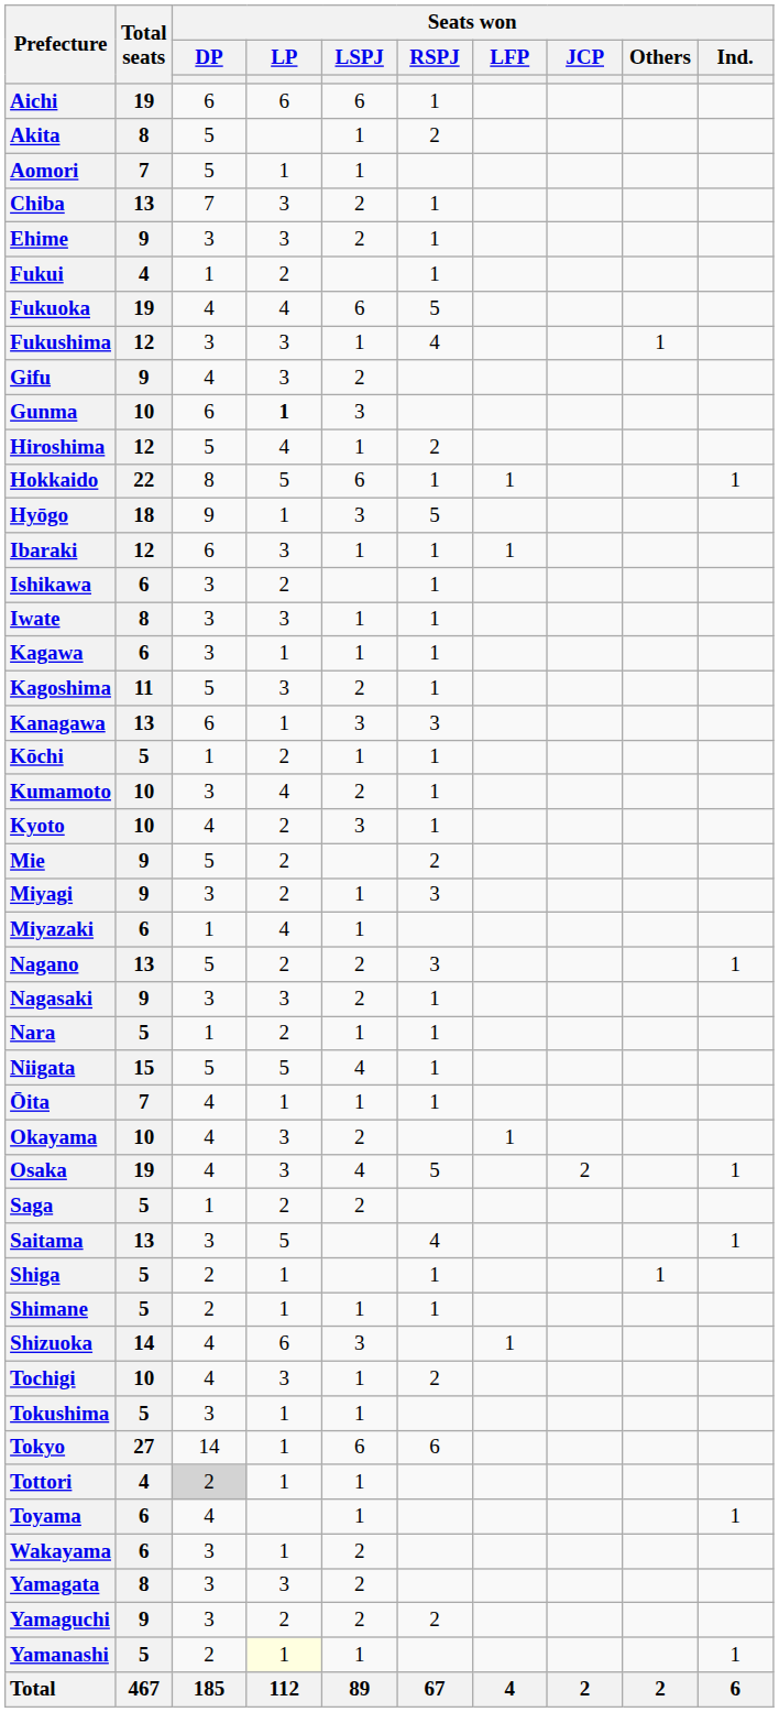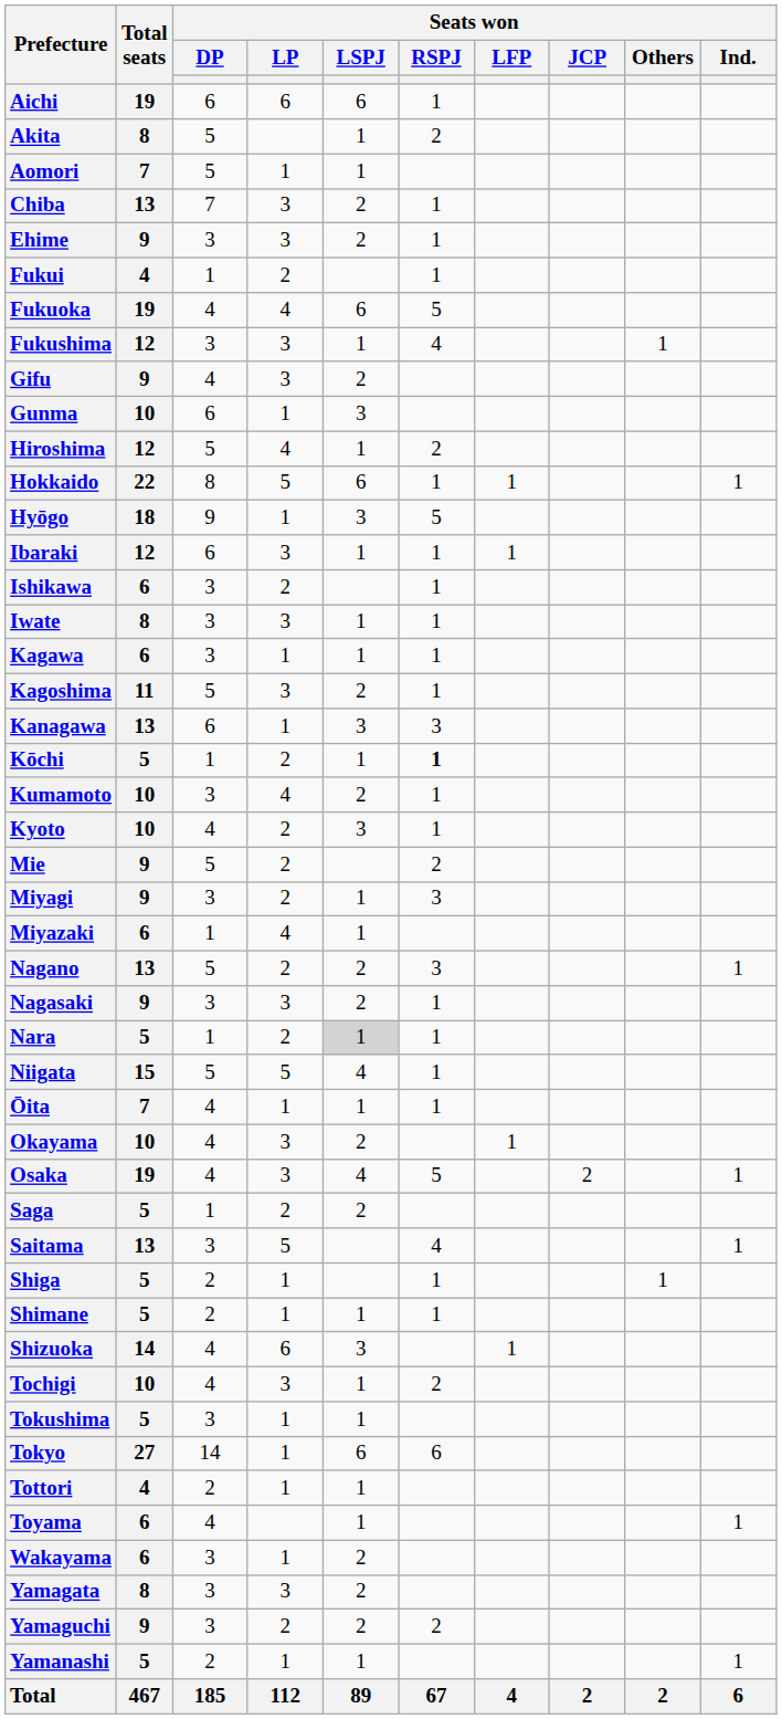 <table class="wikitable" style="text-align:center; font-size: 0.9em;">
 <tr>
 <th rowspan="3">Prefecture</th>
 <th rowspan="3">Total<br>seats</th>
 <th colspan="8">Seats won</th>
 </tr>
 <tr>
 <th class="unsortable" style="width:45px;"><a href='#'>DP</a></th>
 <th class="unsortable" style="width:45px;"><a href='#'>LP</a></th>
 <th class="unsortable" style="width:45px;"><a href='#'>LSPJ</a></th>
 <th class="unsortable" style="width:45px;"><a href='#'>RSPJ</a></th>
 <th class="unsortable" style="width:45px;"><a href='#'>LFP</a></th>
 <th class="unsortable" style="width:45px;"><a href='#'>JCP</a></th>
 <th class="unsortable" style="width:45px;">Others</th>
 <th class="unsortable" style="width:45px;">Ind.</th>
 </tr>
 <tr>
 <th style="background:"></th>
 <th style="background:"></th>
 <th style="background:"></th>
 <th style="background:"></th>
 <th style="background:"></th>
 <th style="background:"></th>
 <th></th>
 <th style="background:"></th>
 </tr>
 <tr>
 <th style="text-align: left;"><a href='#'>Aichi</a></th>
 <th>19</th>
 <td>6</td>
 <td>6</td>
 <td>6</td>
 <td>1</td>
 <td></td>
 <td></td>
 <td></td>
 <td></td>
 </tr>
 <tr>
 <th style="text-align: left;"><a href='#'>Akita</a></th>
 <th>8</th>
 <td>5</td>
 <td></td>
 <td>1</td>
 <td>2</td>
 <td></td>
 <td></td>
 <td></td>
 <td></td>
 </tr>
 <tr>
 <th style="text-align: left;"><a href='#'>Aomori</a></th>
 <th>7</th>
 <td>5</td>
 <td>1</td>
 <td>1</td>
 <td></td>
 <td></td>
 <td></td>
 <td></td>
 <td></td>
 </tr>
 <tr>
 <th style="text-align: left;"><a href='#'>Chiba</a></th>
 <th>13</th>
 <td>7</td>
 <td>3</td>
 <td>2</td>
 <td>1</td>
 <td></td>
 <td></td>
 <td></td>
 <td></td>
 </tr>
 <tr>
 <th style="text-align: left;"><a href='#'>Ehime</a></th>
 <th>9</th>
 <td>3</td>
 <td>3</td>
 <td>2</td>
 <td>1</td>
 <td></td>
 <td></td>
 <td></td>
 <td></td>
 </tr>
 <tr>
 <th style="text-align: left;"><a href='#'>Fukui</a></th>
 <th>4</th>
 <td>1</td>
 <td>2</td>
 <td></td>
 <td>1</td>
 <td></td>
 <td></td>
 <td></td>
 <td></td>
 </tr>
 <tr>
 <th style="text-align: left;"><a href='#'>Fukuoka</a></th>
 <th>19</th>
 <td>4</td>
 <td>4</td>
 <td>6</td>
 <td>5</td>
 <td></td>
 <td></td>
 <td></td>
 <td></td>
 </tr>
 <tr>
 <th style="text-align: left;"><a href='#'>Fukushima</a></th>
 <th>12</th>
 <td>3</td>
 <td>3</td>
 <td>1</td>
 <td>4</td>
 <td></td>
 <td></td>
 <td>1</td>
 <td></td>
 </tr>
 <tr>
 <th style="text-align: left;"><a href='#'>Gifu</a></th>
 <th>9</th>
 <td>4</td>
 <td>3</td>
 <td>2</td>
 <td></td>
 <td></td>
 <td></td>
 <td></td>
 <td></td>
 </tr>
 <tr>
 <th style="text-align: left;"><a href='#'>Gunma</a></th>
 <th>10</th>
 <td>6</td>
-<td><strong>1</strong></td>
+<td>1</td>
 <td>3</td>
 <td></td>
 <td></td>
 <td></td>
 <td></td>
 <td></td>
 </tr>
 <tr>
 <th style="text-align: left;"><a href='#'>Hiroshima</a></th>
 <th>12</th>
 <td>5</td>
 <td>4</td>
 <td>1</td>
 <td>2</td>
 <td></td>
 <td></td>
 <td></td>
 <td></td>
 </tr>
 <tr>
 <th style="text-align: left;"><a href='#'>Hokkaido</a></th>
 <th>22</th>
 <td>8</td>
 <td>5</td>
 <td>6</td>
 <td>1</td>
 <td>1</td>
 <td></td>
 <td></td>
 <td>1</td>
 </tr>
 <tr>
 <th style="text-align: left;"><a href='#'>Hyōgo</a></th>
 <th>18</th>
 <td>9</td>
 <td>1</td>
 <td>3</td>
 <td>5</td>
 <td></td>
 <td></td>
 <td></td>
 <td></td>
 </tr>
 <tr>
 <th style="text-align: left;"><a href='#'>Ibaraki</a></th>
 <th>12</th>
 <td>6</td>
 <td>3</td>
 <td>1</td>
 <td>1</td>
 <td>1</td>
 <td></td>
 <td></td>
 <td></td>
 </tr>
 <tr>
 <th style="text-align: left;"><a href='#'>Ishikawa</a></th>
 <th>6</th>
 <td>3</td>
 <td>2</td>
 <td></td>
 <td>1</td>
 <td></td>
 <td></td>
 <td></td>
 <td></td>
 </tr>
 <tr>
 <th style="text-align: left;"><a href='#'>Iwate</a></th>
 <th>8</th>
 <td>3</td>
 <td>3</td>
 <td>1</td>
 <td>1</td>
 <td></td>
 <td></td>
 <td></td>
 <td></td>
 </tr>
 <tr>
 <th style="text-align: left;"><a href='#'>Kagawa</a></th>
 <th>6</th>
 <td>3</td>
 <td>1</td>
 <td>1</td>
 <td>1</td>
 <td></td>
 <td></td>
 <td></td>
 <td></td>
 </tr>
 <tr>
 <th style="text-align: left;"><a href='#'>Kagoshima</a></th>
 <th>11</th>
 <td>5</td>
 <td>3</td>
 <td>2</td>
 <td>1</td>
 <td></td>
 <td></td>
 <td></td>
 <td></td>
 </tr>
 <tr>
 <th style="text-align: left;"><a href='#'>Kanagawa</a></th>
 <th>13</th>
 <td>6</td>
 <td>1</td>
 <td>3</td>
 <td>3</td>
 <td></td>
 <td></td>
 <td></td>
 <td></td>
 </tr>
 <tr>
 <th style="text-align: left;"><a href='#'>Kōchi</a></th>
 <th>5</th>
 <td>1</td>
 <td>2</td>
 <td>1</td>
-<td>1</td>
+<td><strong>1</strong></td>
 <td></td>
 <td></td>
 <td></td>
 <td></td>
 </tr>
 <tr>
 <th style="text-align: left;"><a href='#'>Kumamoto</a></th>
 <th>10</th>
 <td>3</td>
 <td>4</td>
 <td>2</td>
 <td>1</td>
 <td></td>
 <td></td>
 <td></td>
 <td></td>
 </tr>
 <tr>
 <th style="text-align: left;"><a href='#'>Kyoto</a></th>
 <th>10</th>
 <td>4</td>
 <td>2</td>
 <td>3</td>
 <td>1</td>
 <td></td>
 <td></td>
 <td></td>
 <td></td>
 </tr>
 <tr>
 <th style="text-align: left;"><a href='#'>Mie</a></th>
 <th>9</th>
 <td>5</td>
 <td>2</td>
 <td></td>
 <td>2</td>
 <td></td>
 <td></td>
 <td></td>
 <td></td>
 </tr>
 <tr>
 <th style="text-align: left;"><a href='#'>Miyagi</a></th>
 <th>9</th>
 <td>3</td>
 <td>2</td>
 <td>1</td>
 <td>3</td>
 <td></td>
 <td></td>
 <td></td>
 <td></td>
 </tr>
 <tr>
 <th style="text-align: left;"><a href='#'>Miyazaki</a></th>
 <th>6</th>
 <td>1</td>
 <td>4</td>
 <td>1</td>
 <td></td>
 <td></td>
 <td></td>
 <td></td>
 <td></td>
 </tr>
 <tr>
 <th style="text-align: left;"><a href='#'>Nagano</a></th>
 <th>13</th>
 <td>5</td>
 <td>2</td>
 <td>2</td>
 <td>3</td>
 <td></td>
 <td></td>
 <td></td>
 <td>1</td>
 </tr>
 <tr>
 <th style="text-align: left;"><a href='#'>Nagasaki</a></th>
 <th>9</th>
 <td>3</td>
 <td>3</td>
 <td>2</td>
 <td>1</td>
 <td></td>
 <td></td>
 <td></td>
 <td></td>
 </tr>
 <tr>
 <th style="text-align: left;"><a href='#'>Nara</a></th>
 <th>5</th>
 <td>1</td>
 <td>2</td>
-<td>1</td>
+<td style="background: lightgrey;">1</td>
 <td>1</td>
 <td></td>
 <td></td>
 <td></td>
 <td></td>
 </tr>
 <tr>
 <th style="text-align: left;"><a href='#'>Niigata</a></th>
 <th>15</th>
 <td>5</td>
 <td>5</td>
 <td>4</td>
 <td>1</td>
 <td></td>
 <td></td>
 <td></td>
 <td></td>
 </tr>
 <tr>
 <th style="text-align: left;"><a href='#'>Ōita</a></th>
 <th>7</th>
 <td>4</td>
 <td>1</td>
 <td>1</td>
 <td>1</td>
 <td></td>
 <td></td>
 <td></td>
 <td></td>
 </tr>
 <tr>
 <th style="text-align: left;"><a href='#'>Okayama</a></th>
 <th>10</th>
 <td>4</td>
 <td>3</td>
 <td>2</td>
 <td></td>
 <td>1</td>
 <td></td>
 <td></td>
 <td></td>
 </tr>
 <tr>
 <th style="text-align: left;"><a href='#'>Osaka</a></th>
 <th>19</th>
 <td>4</td>
 <td>3</td>
 <td>4</td>
 <td>5</td>
 <td></td>
 <td>2</td>
 <td></td>
 <td>1</td>
 </tr>
 <tr>
 <th style="text-align: left;"><a href='#'>Saga</a></th>
 <th>5</th>
 <td>1</td>
 <td>2</td>
 <td>2</td>
 <td></td>
 <td></td>
 <td></td>
 <td></td>
 <td></td>
 </tr>
 <tr>
 <th style="text-align: left;"><a href='#'>Saitama</a></th>
 <th>13</th>
 <td>3</td>
 <td>5</td>
 <td></td>
 <td>4</td>
 <td></td>
 <td></td>
 <td></td>
 <td>1</td>
 </tr>
 <tr>
 <th style="text-align: left;"><a href='#'>Shiga</a></th>
 <th>5</th>
 <td>2</td>
 <td>1</td>
 <td></td>
 <td>1</td>
 <td></td>
 <td></td>
 <td>1</td>
 <td></td>
 </tr>
 <tr>
 <th style="text-align: left;"><a href='#'>Shimane</a></th>
 <th>5</th>
 <td>2</td>
 <td>1</td>
 <td>1</td>
 <td>1</td>
 <td></td>
 <td></td>
 <td></td>
 <td></td>
 </tr>
 <tr>
 <th style="text-align: left;"><a href='#'>Shizuoka</a></th>
 <th>14</th>
 <td>4</td>
 <td>6</td>
 <td>3</td>
 <td></td>
 <td>1</td>
 <td></td>
 <td></td>
 <td></td>
 </tr>
 <tr>
 <th style="text-align: left;"><a href='#'>Tochigi</a></th>
 <th>10</th>
 <td>4</td>
 <td>3</td>
 <td>1</td>
 <td>2</td>
 <td></td>
 <td></td>
 <td></td>
 <td></td>
 </tr>
 <tr>
 <th style="text-align: left;"><a href='#'>Tokushima</a></th>
 <th>5</th>
 <td>3</td>
 <td>1</td>
 <td>1</td>
 <td></td>
 <td></td>
 <td></td>
 <td></td>
 <td></td>
 </tr>
 <tr>
 <th style="text-align: left;"><a href='#'>Tokyo</a></th>
 <th>27</th>
 <td>14</td>
 <td>1</td>
 <td>6</td>
 <td>6</td>
 <td></td>
 <td></td>
 <td></td>
 <td></td>
 </tr>
 <tr>
 <th style="text-align: left;"><a href='#'>Tottori</a></th>
 <th>4</th>
-<td style="background: lightgrey;">2</td>
+<td>2</td>
 <td>1</td>
 <td>1</td>
 <td></td>
 <td></td>
 <td></td>
 <td></td>
 <td></td>
 </tr>
 <tr>
 <th style="text-align: left;"><a href='#'>Toyama</a></th>
 <th>6</th>
 <td>4</td>
 <td></td>
 <td>1</td>
 <td></td>
 <td></td>
 <td></td>
 <td></td>
 <td>1</td>
 </tr>
 <tr>
 <th style="text-align: left;"><a href='#'>Wakayama</a></th>
 <th>6</th>
 <td>3</td>
 <td>1</td>
 <td>2</td>
 <td></td>
 <td></td>
 <td></td>
 <td></td>
 <td></td>
 </tr>
 <tr>
 <th style="text-align: left;"><a href='#'>Yamagata</a></th>
 <th>8</th>
 <td>3</td>
 <td>3</td>
 <td>2</td>
 <td></td>
 <td></td>
 <td></td>
 <td></td>
 <td></td>
 </tr>
 <tr>
 <th style="text-align: left;"><a href='#'>Yamaguchi</a></th>
 <th>9</th>
 <td>3</td>
 <td>2</td>
 <td>2</td>
 <td>2</td>
 <td></td>
 <td></td>
 <td></td>
 <td></td>
 </tr>
 <tr>
 <th style="text-align: left;"><a href='#'>Yamanashi</a></th>
 <th>5</th>
 <td>2</td>
-<td style="background: lightyellow;">1</td>
+<td>1</td>
 <td>1</td>
 <td></td>
 <td></td>
 <td></td>
 <td></td>
 <td>1</td>
 </tr>
 <tr class="sortbottom">
 <th style="text-align: left;">Total</th>
 <th>467</th>
 <th>185</th>
 <th>112</th>
 <th>89</th>
 <th>67</th>
 <th>4</th>
 <th>2</th>
 <th>2</th>
 <th>6</th>
 </tr>
 </table>
